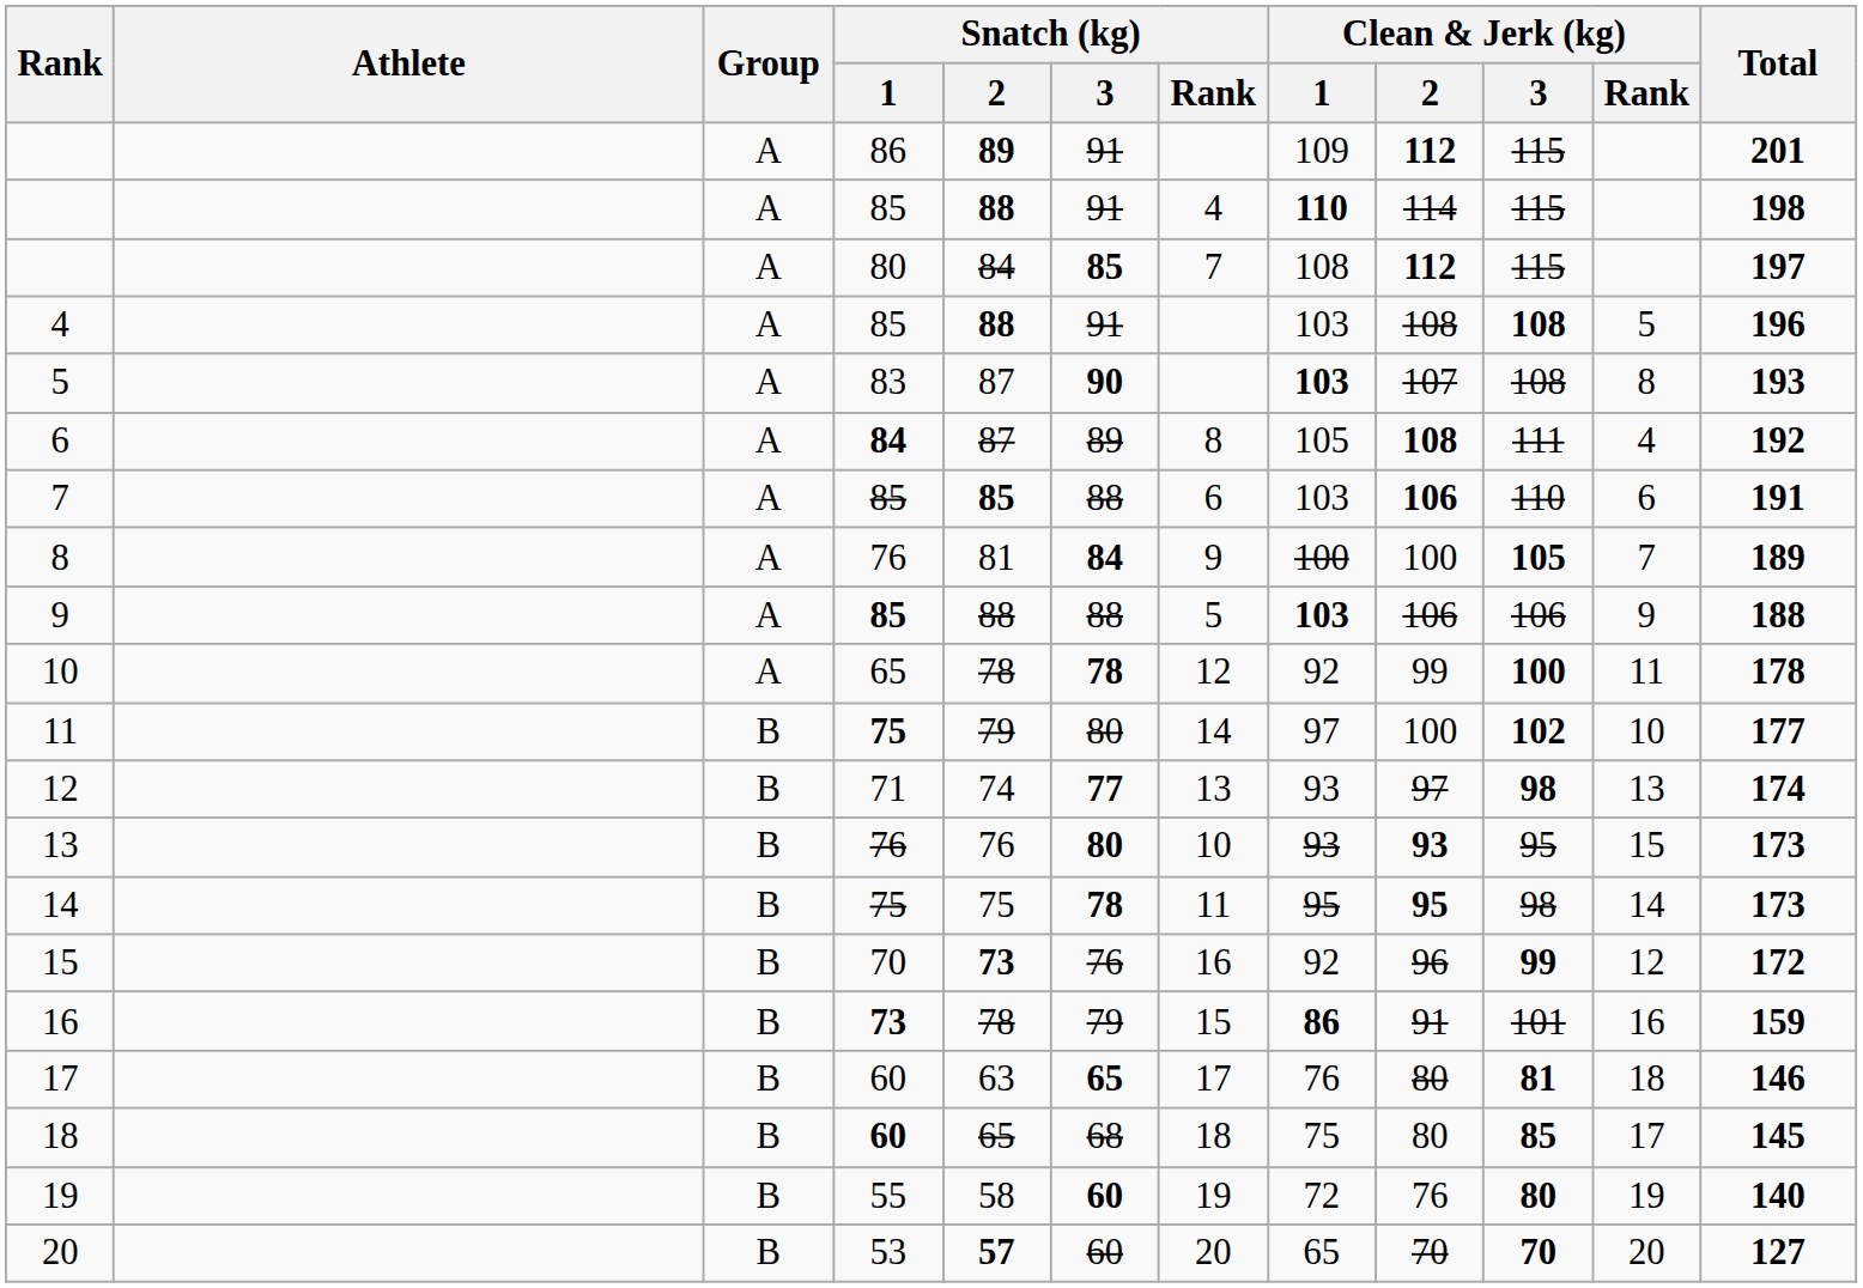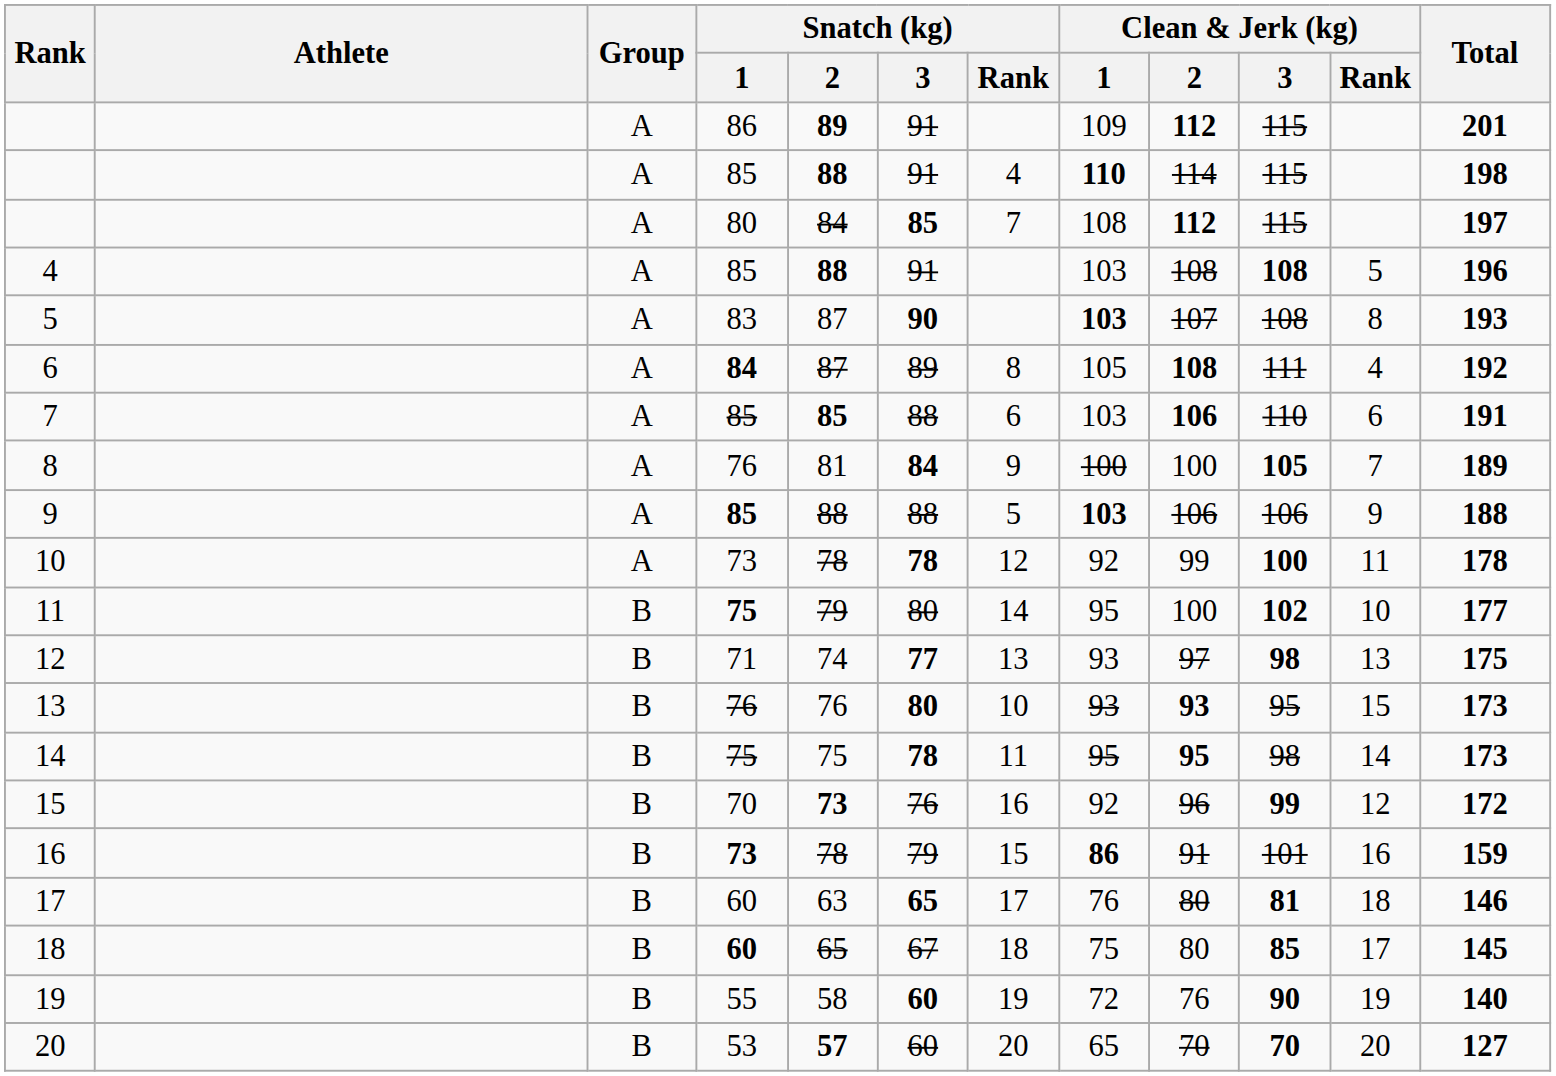 <table class = "wikitable" style="text-align:center;">
 <tr>
 <th rowspan=2 width=40>Rank</th>
 <th rowspan=2 width=250>Athlete</th>
 <th rowspan=2 width=50>Group</th>
 <th colspan=4>Snatch (kg)</th>
 <th colspan=4>Clean & Jerk (kg)</th>
 <th rowspan=2 width=60>Total</th>
 </tr>
 <tr>
 <th width=40>1</th>
 <th width=40>2</th>
 <th width=40>3</th>
 <th width=40>Rank</th>
 <th width=40>1</th>
 <th width=40>2</th>
 <th width=40>3</th>
 <th width=40>Rank</th>
 </tr>
 <tr>
 <td></td>
 <td align=left></td>
 <td>A</td>
 <td>86</td>
 <td><strong>89</strong></td>
 <td><s>91</s></td>
 <td></td>
 <td>109</td>
 <td><strong>112</strong></td>
 <td><s>115</s></td>
 <td></td>
 <td><strong>201</strong></td>
 </tr>
 <tr>
 <td></td>
 <td align=left></td>
 <td>A</td>
 <td>85</td>
 <td><strong>88</strong></td>
 <td><s>91</s></td>
 <td>4</td>
 <td><strong>110</strong></td>
 <td><s>114</s></td>
 <td><s>115</s></td>
 <td></td>
 <td><strong>198</strong></td>
 </tr>
 <tr>
 <td></td>
 <td align=left></td>
 <td>A</td>
 <td>80</td>
 <td><s>84</s></td>
 <td><strong>85</strong></td>
 <td>7</td>
 <td>108</td>
 <td><strong>112</strong></td>
 <td><s>115</s></td>
 <td></td>
 <td><strong>197</strong></td>
 </tr>
 <tr>
 <td>4</td>
 <td align=left></td>
 <td>A</td>
 <td>85</td>
 <td><strong>88</strong></td>
 <td><s>91</s></td>
 <td></td>
 <td>103</td>
 <td><s>108</s></td>
 <td><strong>108</strong></td>
 <td>5</td>
 <td><strong>196</strong></td>
 </tr>
 <tr>
 <td>5</td>
 <td align=left></td>
 <td>A</td>
 <td>83</td>
 <td>87</td>
 <td><strong>90</strong></td>
 <td></td>
 <td><strong>103</strong></td>
 <td><s>107</s></td>
 <td><s>108</s></td>
 <td>8</td>
 <td><strong>193</strong></td>
 </tr>
 <tr>
 <td>6</td>
 <td align=left></td>
 <td>A</td>
 <td><strong>84</strong></td>
 <td><s>87</s></td>
 <td><s>89</s></td>
 <td>8</td>
 <td>105</td>
 <td><strong>108</strong></td>
 <td><s>111</s></td>
 <td>4</td>
 <td><strong>192</strong></td>
 </tr>
 <tr>
 <td>7</td>
 <td align=left></td>
 <td>A</td>
 <td><s>85</s></td>
 <td><strong>85</strong></td>
 <td><s>88</s></td>
 <td>6</td>
 <td>103</td>
 <td><strong>106</strong></td>
 <td><s>110</s></td>
 <td>6</td>
 <td><strong>191</strong></td>
 </tr>
 <tr>
 <td>8</td>
 <td align=left></td>
 <td>A</td>
 <td>76</td>
 <td>81</td>
 <td><strong>84</strong></td>
 <td>9</td>
 <td><s>100</s></td>
 <td>100</td>
 <td><strong>105</strong></td>
 <td>7</td>
 <td><strong>189</strong></td>
 </tr>
 <tr>
 <td>9</td>
 <td align=left></td>
 <td>A</td>
 <td><strong>85</strong></td>
 <td><s>88</s></td>
 <td><s>88</s></td>
 <td>5</td>
 <td><strong>103</strong></td>
 <td><s>106</s></td>
 <td><s>106</s></td>
 <td>9</td>
 <td><strong>188</strong></td>
 </tr>
 <tr>
 <td>10</td>
 <td align=left></td>
 <td>A</td>
-<td>65</td>
+<td>73</td>
 <td><s>78</s></td>
 <td><strong>78</strong></td>
 <td>12</td>
 <td>92</td>
 <td>99</td>
 <td><strong>100</strong></td>
 <td>11</td>
 <td><strong>178</strong></td>
 </tr>
 <tr>
 <td>11</td>
 <td align=left></td>
 <td>B</td>
 <td><strong>75</strong></td>
 <td><s>79</s></td>
 <td><s>80</s></td>
 <td>14</td>
-<td>97</td>
+<td>95</td>
 <td>100</td>
 <td><strong>102</strong></td>
 <td>10</td>
 <td><strong>177</strong></td>
 </tr>
 <tr>
 <td>12</td>
 <td align=left></td>
 <td>B</td>
 <td>71</td>
 <td>74</td>
 <td><strong>77</strong></td>
 <td>13</td>
 <td>93</td>
 <td><s>97</s></td>
 <td><strong>98</strong></td>
 <td>13</td>
-<td><strong>174</strong></td>
+<td><strong>175</strong></td>
 </tr>
 <tr>
 <td>13</td>
 <td align=left></td>
 <td>B</td>
 <td><s>76</s></td>
 <td>76</td>
 <td><strong>80</strong></td>
 <td>10</td>
 <td><s>93</s></td>
 <td><strong>93</strong></td>
 <td><s>95</s></td>
 <td>15</td>
 <td><strong>173</strong></td>
 </tr>
 <tr>
 <td>14</td>
 <td align=left></td>
 <td>B</td>
 <td><s>75</s></td>
 <td>75</td>
 <td><strong>78</strong></td>
 <td>11</td>
 <td><s>95</s></td>
 <td><strong>95</strong></td>
 <td><s>98</s></td>
 <td>14</td>
 <td><strong>173</strong></td>
 </tr>
 <tr>
 <td>15</td>
 <td align=left></td>
 <td>B</td>
 <td>70</td>
 <td><strong>73</strong></td>
 <td><s>76</s></td>
 <td>16</td>
 <td>92</td>
 <td><s>96</s></td>
 <td><strong>99</strong></td>
 <td>12</td>
 <td><strong>172</strong></td>
 </tr>
 <tr>
 <td>16</td>
 <td align=left></td>
 <td>B</td>
 <td><strong>73</strong></td>
 <td><s>78</s></td>
 <td><s>79</s></td>
 <td>15</td>
 <td><strong>86</strong></td>
 <td><s>91</s></td>
 <td><s>101</s></td>
 <td>16</td>
 <td><strong>159</strong></td>
 </tr>
 <tr>
 <td>17</td>
 <td align=left></td>
 <td>B</td>
 <td>60</td>
 <td>63</td>
 <td><strong>65</strong></td>
 <td>17</td>
 <td>76</td>
 <td><s>80</s></td>
 <td><strong>81</strong></td>
 <td>18</td>
 <td><strong>146</strong></td>
 </tr>
 <tr>
 <td>18</td>
 <td align=left></td>
 <td>B</td>
 <td><strong>60</strong></td>
 <td><s>65</s></td>
-<td><s>68</s></td>
+<td><s>67</s></td>
 <td>18</td>
 <td>75</td>
 <td>80</td>
 <td><strong>85</strong></td>
 <td>17</td>
 <td><strong>145</strong></td>
 </tr>
 <tr>
 <td>19</td>
 <td align=left></td>
 <td>B</td>
 <td>55</td>
 <td>58</td>
 <td><strong>60</strong></td>
 <td>19</td>
 <td>72</td>
 <td>76</td>
-<td><strong>80</strong></td>
+<td><strong>90</strong></td>
 <td>19</td>
 <td><strong>140</strong></td>
 </tr>
 <tr>
 <td>20</td>
 <td align=left></td>
 <td>B</td>
 <td>53</td>
 <td><strong>57</strong></td>
 <td><s>60</s></td>
 <td>20</td>
 <td>65</td>
 <td><s>70</s></td>
 <td><strong>70</strong></td>
 <td>20</td>
 <td><strong>127</strong></td>
 </tr>
 </table>
